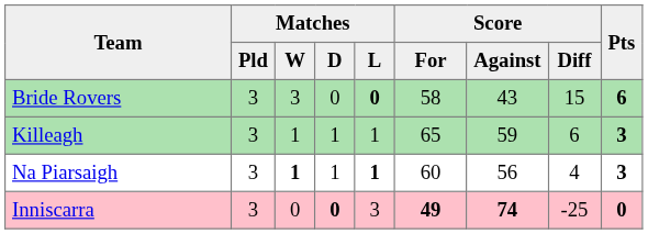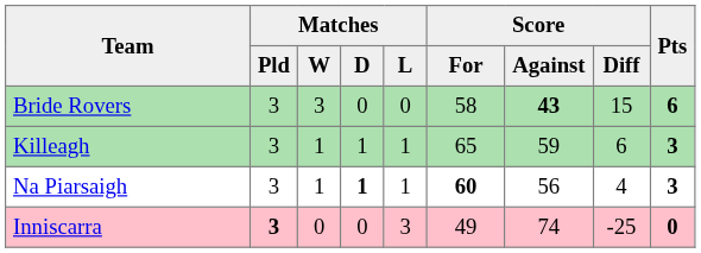 <table style=border-collapse:collapse border=1 cellspacing=0 cellpadding=5>
 <tr align=center bgcolor=#efefef>
 <th rowspan=2 width=165>Team</th>
 <th colspan=4>Matches</th>
 <th colspan=3>Score</th>
 <th rowspan=2width=20>Pts</th>
 </tr>
 <tr align=center bgcolor=#efefef>
 <th width=20>Pld</th>
 <th width=20>W</th>
 <th width=20>D</th>
 <th width=20>L</th>
 <th width=45>For</th>
 <th width=45>Against</th>
 <th width=30>Diff</th>
 </tr>
 <tr align=center style="background:#ACE1AF;">
 <td style="text-align:left;"><a href='#'>Bride Rovers</a></td>
 <td>3</td>
 <td>3</td>
 <td>0</td>
-<td><strong>0</strong></td>
+<td>0</td>
 <td>58</td>
-<td>43</td>
+<td><strong>43</strong></td>
 <td>15</td>
 <td><strong>6</strong></td>
 </tr>
 <tr align=center style="background:#ACE1AF;">
 <td style="text-align:left;"><a href='#'>Killeagh</a></td>
 <td>3</td>
 <td>1</td>
 <td>1</td>
 <td>1</td>
 <td>65</td>
 <td>59</td>
 <td>6</td>
 <td><strong>3</strong></td>
 </tr>
 <tr align=center>
 <td style="text-align:left;"><a href='#'>Na Piarsaigh</a></td>
 <td>3</td>
+<td>1</td>
 <td><strong>1</strong></td>
 <td>1</td>
-<td><strong>1</strong></td>
-<td>60</td>
+<td><strong>60</strong></td>
 <td>56</td>
 <td>4</td>
 <td><strong>3</strong></td>
 </tr>
 <tr align=center style="background:#FFC0CB;">
 <td style="text-align:left;"><a href='#'>Inniscarra</a></td>
+<td><strong>3</strong></td>
+<td>0</td>
+<td>0</td>
 <td>3</td>
-<td>0</td>
-<td><strong>0</strong></td>
-<td>3</td>
-<td><strong>49</strong></td>
-<td><strong>74</strong></td>
+<td>49</td>
+<td>74</td>
 <td>-25</td>
 <td><strong>0</strong></td>
 </tr>
 </table>
